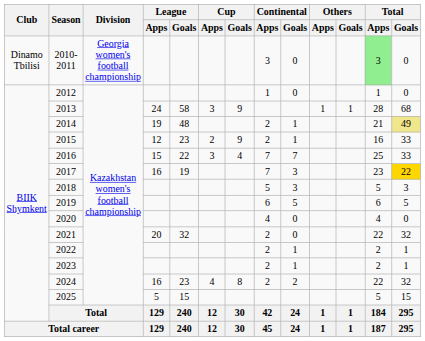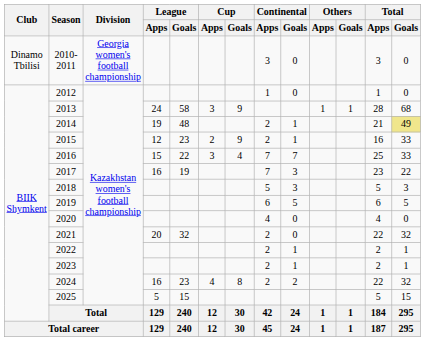 <table class="wikitable" style="text-align:center">
 <tr>
 <th rowspan=2>Club</th>
 <th rowspan=2>Season</th>
 <th rowspan=2>Division</th>
 <th colspan=2>League</th>
 <th colspan=2>Cup</th>
 <th colspan=2>Continental</th>
 <th colspan=2>Others</th>
 <th colspan=2>Total</th>
 </tr>
 <tr>
 <th>Apps</th>
 <th>Goals</th>
 <th>Apps</th>
 <th>Goals</th>
 <th>Apps</th>
 <th>Goals</th>
 <th>Apps</th>
 <th>Goals</th>
 <th>Apps</th>
 <th>Goals</th>
 </tr>
 <tr>
 <td>Dinamo Tbilisi</td>
 <td>2010-2011</td>
 <td><a href='#'>Georgia women's football championship</a></td>
 <td></td>
 <td></td>
 <td></td>
 <td></td>
 <td>3</td>
 <td>0</td>
 <td></td>
 <td></td>
-<td style="background: lightgreen;">3</td>
+<td>3</td>
 <td>0</td>
 </tr>
 <tr>
 <td rowspan=15><a href='#'>BIIK Shymkent</a></td>
 <td>2012</td>
 <td rowspan=14><a href='#'>Kazakhstan women's football championship</a></td>
 <td></td>
 <td></td>
 <td></td>
 <td></td>
 <td>1</td>
 <td>0</td>
 <td></td>
 <td></td>
 <td>1</td>
 <td>0</td>
 </tr>
 <tr>
 <td>2013</td>
 <td>24</td>
 <td>58</td>
 <td>3</td>
 <td>9</td>
 <td></td>
 <td></td>
 <td>1</td>
 <td>1</td>
 <td>28</td>
 <td>68</td>
 </tr>
 <tr>
 <td>2014</td>
 <td>19</td>
 <td>48</td>
 <td></td>
 <td></td>
 <td>2</td>
 <td>1</td>
 <td></td>
 <td></td>
 <td>21</td>
 <td style="background: khaki;">49</td>
 </tr>
 <tr>
 <td>2015</td>
 <td>12</td>
 <td>23</td>
 <td>2</td>
 <td>9</td>
 <td>2</td>
 <td>1</td>
 <td></td>
 <td></td>
 <td>16</td>
 <td>33</td>
 </tr>
 <tr>
 <td>2016</td>
 <td>15</td>
 <td>22</td>
 <td>3</td>
 <td>4</td>
 <td>7</td>
 <td>7</td>
 <td></td>
 <td></td>
 <td>25</td>
 <td>33</td>
 </tr>
 <tr>
 <td>2017</td>
 <td>16</td>
 <td>19</td>
 <td></td>
 <td></td>
 <td>7</td>
 <td>3</td>
 <td></td>
 <td></td>
 <td>23</td>
-<td style="background: gold;">22</td>
+<td>22</td>
 </tr>
 <tr>
 <td>2018</td>
 <td></td>
 <td></td>
 <td></td>
 <td></td>
 <td>5</td>
 <td>3</td>
 <td></td>
 <td></td>
 <td>5</td>
 <td>3</td>
 </tr>
 <tr>
 <td>2019</td>
 <td></td>
 <td></td>
 <td></td>
 <td></td>
 <td>6</td>
 <td>5</td>
 <td></td>
 <td></td>
 <td>6</td>
 <td>5</td>
 </tr>
 <tr>
 <td>2020</td>
 <td></td>
 <td></td>
 <td></td>
 <td></td>
 <td>4</td>
 <td>0</td>
 <td></td>
 <td></td>
 <td>4</td>
 <td>0</td>
 </tr>
 <tr>
 <td>2021</td>
 <td>20</td>
 <td>32</td>
 <td></td>
 <td></td>
 <td>2</td>
 <td>0</td>
 <td></td>
 <td></td>
 <td>22</td>
 <td>32</td>
 </tr>
 <tr>
 <td>2022</td>
 <td></td>
 <td></td>
 <td></td>
 <td></td>
 <td>2</td>
 <td>1</td>
 <td></td>
 <td></td>
 <td>2</td>
 <td>1</td>
 </tr>
 <tr>
 <td>2023</td>
 <td></td>
 <td></td>
 <td></td>
 <td></td>
 <td>2</td>
 <td>1</td>
 <td></td>
 <td></td>
 <td>2</td>
 <td>1</td>
 </tr>
 <tr>
 <td>2024</td>
 <td>16</td>
 <td>23</td>
 <td>4</td>
 <td>8</td>
 <td>2</td>
 <td>2</td>
 <td></td>
 <td></td>
 <td>22</td>
 <td>32</td>
 </tr>
 <tr>
 <td>2025</td>
 <td>5</td>
 <td>15</td>
 <td></td>
 <td></td>
 <td></td>
 <td></td>
 <td></td>
 <td></td>
 <td>5</td>
 <td>15</td>
 </tr>
 <tr>
 <th colspan=2>Total</th>
 <th>129</th>
 <th>240</th>
 <th>12</th>
 <th>30</th>
 <th>42</th>
 <th>24</th>
 <th>1</th>
 <th>1</th>
 <th>184</th>
 <th>295</th>
 </tr>
 <tr>
 <th colspan=3>Total career</th>
 <th>129</th>
 <th>240</th>
 <th>12</th>
 <th>30</th>
 <th>45</th>
 <th>24</th>
 <th>1</th>
 <th>1</th>
 <th>187</th>
 <th>295</th>
 </tr>
 </table>
